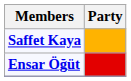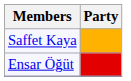 <table class=wikitable style="border:1px solid #8888aa; background-color:#f7f8ff; padding:0px; font-size:90%;">
 <tr>
 <th>Members</th>
 <th colspan="2">Party</th>
 </tr>
 <tr>
-<td><strong><a href='#'>Saffet Kaya</a></strong></td>
+<td><a href='#'>Saffet Kaya</a></td>
 <td style="background: #ffb300"></td>
 </tr>
 <tr>
-<td><strong><a href='#'>Ensar Öğüt</a></strong></td>
+<td><a href='#'>Ensar Öğüt</a></td>
 <td style="background: #e30000"></td>
 </tr>
 <tr>
 </tr>
 </table>
